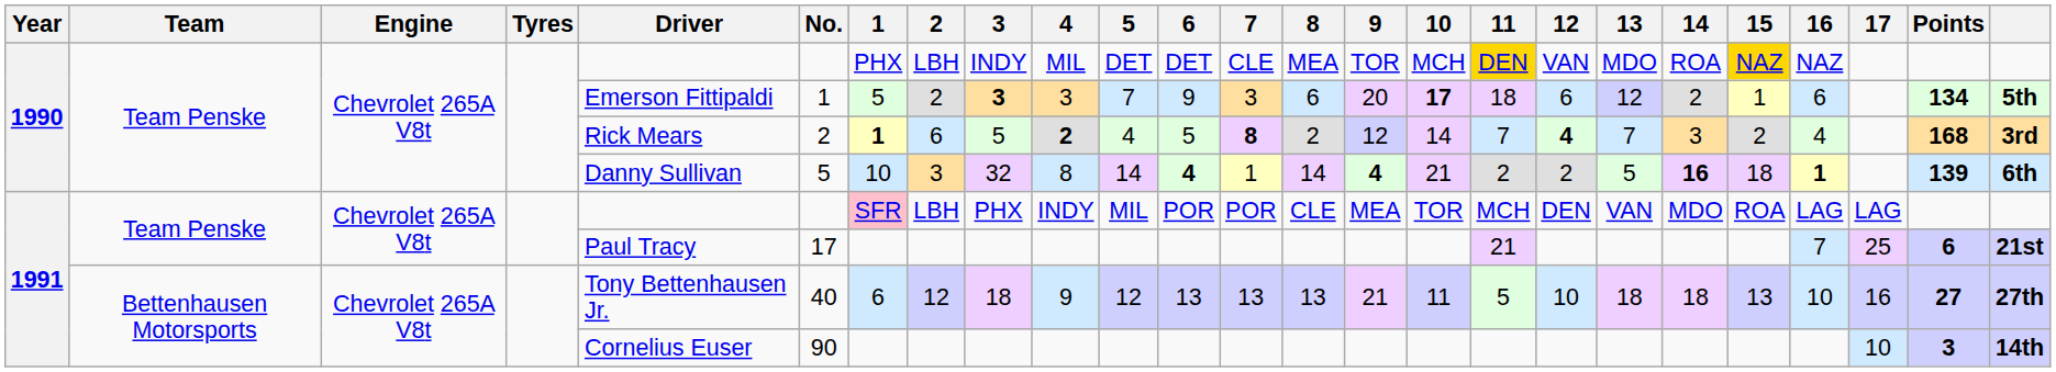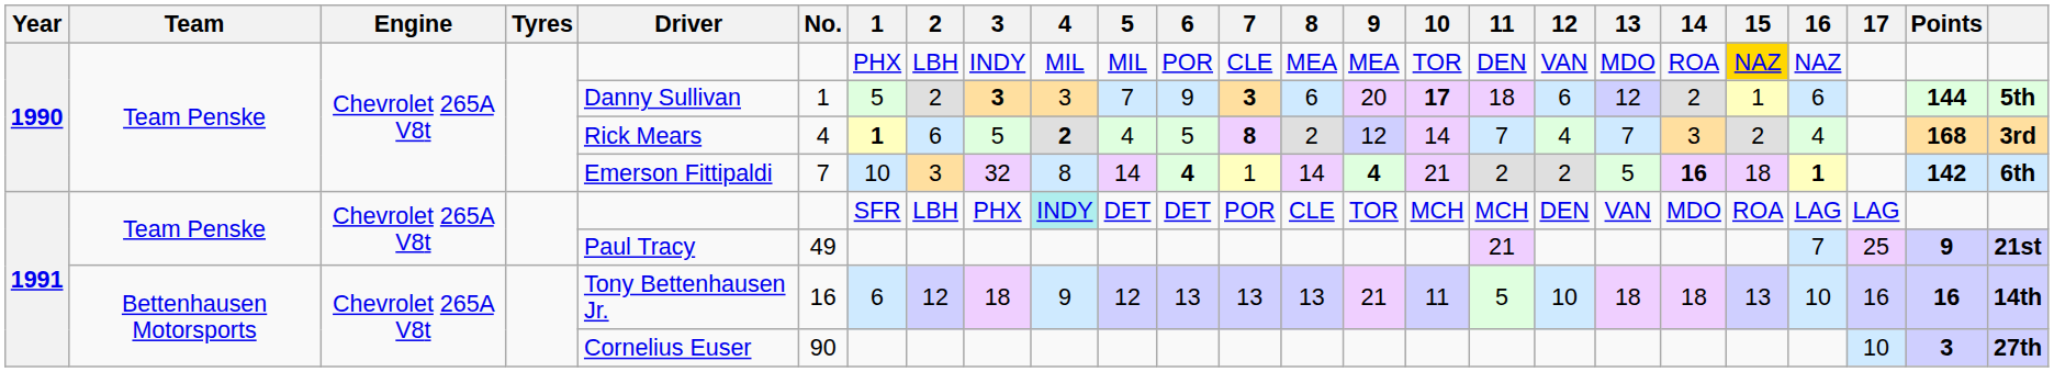 <table class="wikitable" style="text-align:center; font-size:90%">
 <tr>
 <th>Year</th>
 <th>Team</th>
 <th>Engine</th>
 <th>Tyres</th>
 <th>Driver</th>
 <th>No.</th>
 <th>1</th>
 <th>2</th>
 <th>3</th>
 <th>4</th>
 <th>5</th>
 <th>6</th>
 <th>7</th>
 <th>8</th>
 <th>9</th>
 <th>10</th>
 <th>11</th>
 <th>12</th>
 <th>13</th>
 <th>14</th>
 <th>15</th>
 <th>16</th>
 <th>17</th>
 <th>Points</th>
 <th></th>
 </tr>
 <tr>
 <th rowspan="4"><a href='#'>1990</a></th>
 <td rowspan="4"><a href='#'>Team Penske</a></td>
 <td rowspan="4"><a href='#'>Chevrolet</a> <a href='#'>265A</a> <a href='#'>V8</a><a href='#'>t</a></td>
 <td rowspan="4"></td>
 <td></td>
 <td></td>
 <td><a href='#'>PHX</a></td>
 <td><a href='#'>LBH</a></td>
 <td><a href='#'>INDY</a></td>
 <td><a href='#'>MIL</a></td>
-<td><a href='#'>DET</a></td>
-<td><a href='#'>DET</a></td>
+<td><a href='#'>MIL</a></td>
+<td><a href='#'>POR</a></td>
 <td><a href='#'>CLE</a></td>
 <td><a href='#'>MEA</a></td>
+<td><a href='#'>MEA</a></td>
 <td><a href='#'>TOR</a></td>
-<td><a href='#'>MCH</a></td>
-<td style="background: gold;"><a href='#'>DEN</a></td>
+<td><a href='#'>DEN</a></td>
 <td><a href='#'>VAN</a></td>
 <td><a href='#'>MDO</a></td>
 <td><a href='#'>ROA</a></td>
 <td style="background: gold;"><a href='#'>NAZ</a></td>
 <td><a href='#'>NAZ</a></td>
 <td></td>
 <td></td>
 <td></td>
 </tr>
 <tr>
-<td align="left"> <a href='#'>Emerson Fittipaldi</a></td>
+<td align="left"> <a href='#'>Danny Sullivan</a></td>
 <td>1</td>
 <td style="background:#dfffdf;">5</td>
 <td style="background:#dfdfdf;">2</td>
 <td style="background:#ffdf9f;"><strong>3</strong></td>
 <td style="background:#ffdf9f;">3</td>
 <td style="background:#CFEAFF;">7</td>
 <td style="background:#CFEAFF;">9</td>
-<td style="background:#ffdf9f;">3</td>
+<td style="background:#ffdf9f;"><strong>3</strong></td>
 <td style="background:#CFEAFF;">6</td>
 <td style="background:#efcfff;">20</td>
 <td style="background:#efcfff;"><strong>17</strong></td>
 <td style="background:#efcfff;">18</td>
 <td style="background:#CFEAFF;">6</td>
 <td style="background:#cfcfff;">12</td>
 <td style="background:#dfdfdf;">2</td>
 <td style="background:#ffffbf;">1</td>
 <td style="background:#CFEAFF;">6</td>
 <td></td>
-<td style="background:#dfffdf;"><strong>134</strong></td>
+<td style="background:#dfffdf;"><strong>144</strong></td>
 <td style="background:#dfffdf;"><strong>5th</strong></td>
 </tr>
 <tr>
 <td align="left"> <a href='#'>Rick Mears</a></td>
-<td>2</td>
+<td>4</td>
 <td style="background:#ffffbf;"><strong>1</strong></td>
 <td style="background:#CFEAFF;">6</td>
 <td style="background:#dfffdf;">5</td>
 <td style="background:#dfdfdf;"><strong>2</strong></td>
 <td style="background:#dfffdf;">4</td>
 <td style="background:#dfffdf;">5</td>
 <td style="background:#efcfff;"><strong>8</strong></td>
 <td style="background:#dfdfdf;">2</td>
 <td style="background:#cfcfff;">12</td>
 <td style="background:#efcfff;">14</td>
 <td style="background:#CFEAFF;">7</td>
-<td style="background:#dfffdf;"><strong>4</strong></td>
+<td style="background:#dfffdf;">4</td>
 <td style="background:#CFEAFF;">7</td>
 <td style="background:#ffdf9f;">3</td>
 <td style="background:#dfdfdf;">2</td>
 <td style="background:#dfffdf;">4</td>
 <td></td>
 <td style="background:#ffdf9f;"><strong>168</strong></td>
 <td style="background:#ffdf9f;"><strong>3rd</strong></td>
 </tr>
 <tr>
-<td align="left"> <a href='#'>Danny Sullivan</a></td>
-<td>5</td>
+<td align="left"> <a href='#'>Emerson Fittipaldi</a></td>
+<td>7</td>
 <td style="background:#CFEAFF;">10</td>
 <td style="background:#ffdf9f;">3</td>
 <td style="background:#efcfff;">32</td>
 <td style="background:#CFEAFF;">8</td>
 <td style="background:#efcfff;">14</td>
 <td style="background:#dfffdf;"><strong>4</strong></td>
 <td style="background:#ffffbf;">1</td>
 <td style="background:#efcfff;">14</td>
 <td style="background:#dfffdf;"><strong>4</strong></td>
 <td style="background:#efcfff;">21</td>
 <td style="background:#dfdfdf;">2</td>
 <td style="background:#dfdfdf;">2</td>
 <td style="background:#dfffdf;">5</td>
 <td style="background:#efcfff;"><strong>16</strong></td>
 <td style="background:#efcfff;">18</td>
 <td style="background:#ffffbf;"><strong>1</strong></td>
 <td></td>
-<td style="background:#CFEAFF;"><strong>139</strong></td>
+<td style="background:#CFEAFF;"><strong>142</strong></td>
 <td style="background:#CFEAFF;"><strong>6th</strong></td>
 </tr>
 <tr>
 <th rowspan="4"><a href='#'>1991</a></th>
 <td rowspan="2"><a href='#'>Team Penske</a></td>
 <td rowspan="2"><a href='#'>Chevrolet</a> <a href='#'>265A</a> <a href='#'>V8</a><a href='#'>t</a></td>
 <td rowspan="2"></td>
 <td></td>
 <td></td>
-<td style="background: pink;"><a href='#'>SFR</a></td>
+<td><a href='#'>SFR</a></td>
 <td><a href='#'>LBH</a></td>
 <td><a href='#'>PHX</a></td>
-<td><a href='#'>INDY</a></td>
-<td><a href='#'>MIL</a></td>
-<td><a href='#'>POR</a></td>
+<td style="background: paleturquoise;"><a href='#'>INDY</a></td>
+<td><a href='#'>DET</a></td>
+<td><a href='#'>DET</a></td>
 <td><a href='#'>POR</a></td>
 <td><a href='#'>CLE</a></td>
-<td><a href='#'>MEA</a></td>
 <td><a href='#'>TOR</a></td>
+<td><a href='#'>MCH</a></td>
 <td><a href='#'>MCH</a></td>
 <td><a href='#'>DEN</a></td>
 <td><a href='#'>VAN</a></td>
 <td><a href='#'>MDO</a></td>
 <td><a href='#'>ROA</a></td>
 <td><a href='#'>LAG</a></td>
 <td><a href='#'>LAG</a></td>
 <td></td>
 <td></td>
 </tr>
 <tr>
 <td align="left"> <a href='#'>Paul Tracy</a></td>
-<td>17</td>
+<td>49</td>
 <td></td>
 <td></td>
 <td></td>
 <td></td>
 <td></td>
 <td></td>
 <td></td>
 <td></td>
 <td></td>
 <td></td>
 <td style="background:#efcfff;">21</td>
 <td></td>
 <td></td>
 <td></td>
 <td></td>
 <td style="background:#CFEAFF;">7</td>
 <td style="background:#efcfff;">25</td>
-<td style="background:#cfcfff;"><strong>6</strong></td>
+<td style="background:#cfcfff;"><strong>9</strong></td>
 <td style="background:#cfcfff;"><strong>21st</strong></td>
 </tr>
 <tr>
 <td rowspan="2"><a href='#'>Bettenhausen Motorsports</a></td>
 <td rowspan="2"><a href='#'>Chevrolet</a> <a href='#'>265A</a> <a href='#'>V8</a><a href='#'>t</a></td>
 <td rowspan="2"></td>
 <td align="left"> <a href='#'>Tony Bettenhausen Jr.</a></td>
-<td>40</td>
+<td>16</td>
 <td style="background:#CFEAFF;">6</td>
 <td style="background:#CFCFFF;">12</td>
 <td style="background:#EFCFFF;">18</td>
 <td style="background:#CFEAFF;">9</td>
 <td style="background:#CFCFFF;">12</td>
 <td style="background:#CFCFFF;">13</td>
 <td style="background:#CFCFFF;">13</td>
 <td style="background:#CFCFFF;">13</td>
 <td style="background:#EFCFFF;">21</td>
 <td style="background:#CFCFFF;">11</td>
 <td style="background:#DFFFDF;">5</td>
 <td style="background:#CFEAFF;">10</td>
 <td style="background:#EFCFFF;">18</td>
 <td style="background:#EFCFFF;">18</td>
 <td style="background:#CFCFFF;">13</td>
 <td style="background:#CFEAFF;">10</td>
 <td style="background:#CFCFFF;">16</td>
-<td style="background:#cfcfff;"><strong>27</strong></td>
-<td style="background:#cfcfff;"><strong>27th</strong></td>
+<td style="background:#cfcfff;"><strong>16</strong></td>
+<td style="background:#cfcfff;"><strong>14th</strong></td>
 </tr>
 <tr>
 <td align="left"> <a href='#'>Cornelius Euser</a></td>
 <td>90</td>
 <td></td>
 <td></td>
 <td></td>
 <td></td>
 <td></td>
 <td></td>
 <td></td>
 <td></td>
 <td></td>
 <td></td>
 <td></td>
 <td></td>
 <td></td>
 <td></td>
 <td></td>
 <td></td>
 <td style="background:#CFEAFF;">10</td>
 <td style="background:#cfcfff;"><strong>3</strong></td>
-<td style="background:#cfcfff;"><strong>14th</strong></td>
+<td style="background:#cfcfff;"><strong>27th</strong></td>
 </tr>
 </table>
